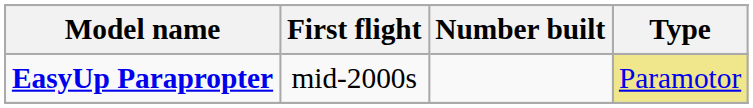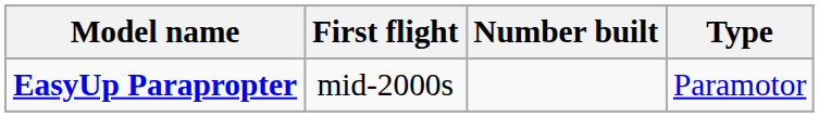 <table class="wikitable" align=center style="font-size:90%;">
 <tr>
 </tr>
 <tr style="background:#efefef;">
 <th>Model name</th>
 <th>First flight</th>
 <th>Number built</th>
 <th>Type</th>
 </tr>
 <tr>
 <td align=left><strong><a href='#'>EasyUp Parapropter</a></strong></td>
 <td align=center>mid-2000s</td>
 <td align=center></td>
-<td align=left style="background: khaki;"><a href='#'>Paramotor</a></td>
+<td align=left><a href='#'>Paramotor</a></td>
 </tr>
 <tr>
 </tr>
 </table>
